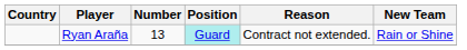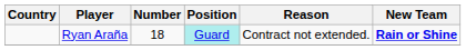 <table class="wikitable sortable sortable">
 <tr>
 <th>Country</th>
 <th>Player</th>
 <th>Number</th>
 <th>Position</th>
 <th>Reason</th>
 <th>New Team</th>
 </tr>
 <tr>
 <td align=center></td>
 <td align=center><a href='#'>Ryan Araña</a></td>
-<td align=center>13</td>
+<td align=center>18</td>
 <td align=center style="background: paleturquoise;"><a href='#'>Guard</a></td>
 <td align=center>Contract not extended.</td>
-<td><a href='#'>Rain or Shine</a></td>
+<td><strong><a href='#'>Rain or Shine</a></strong></td>
 </tr>
 <tr>
 </tr>
 </table>
